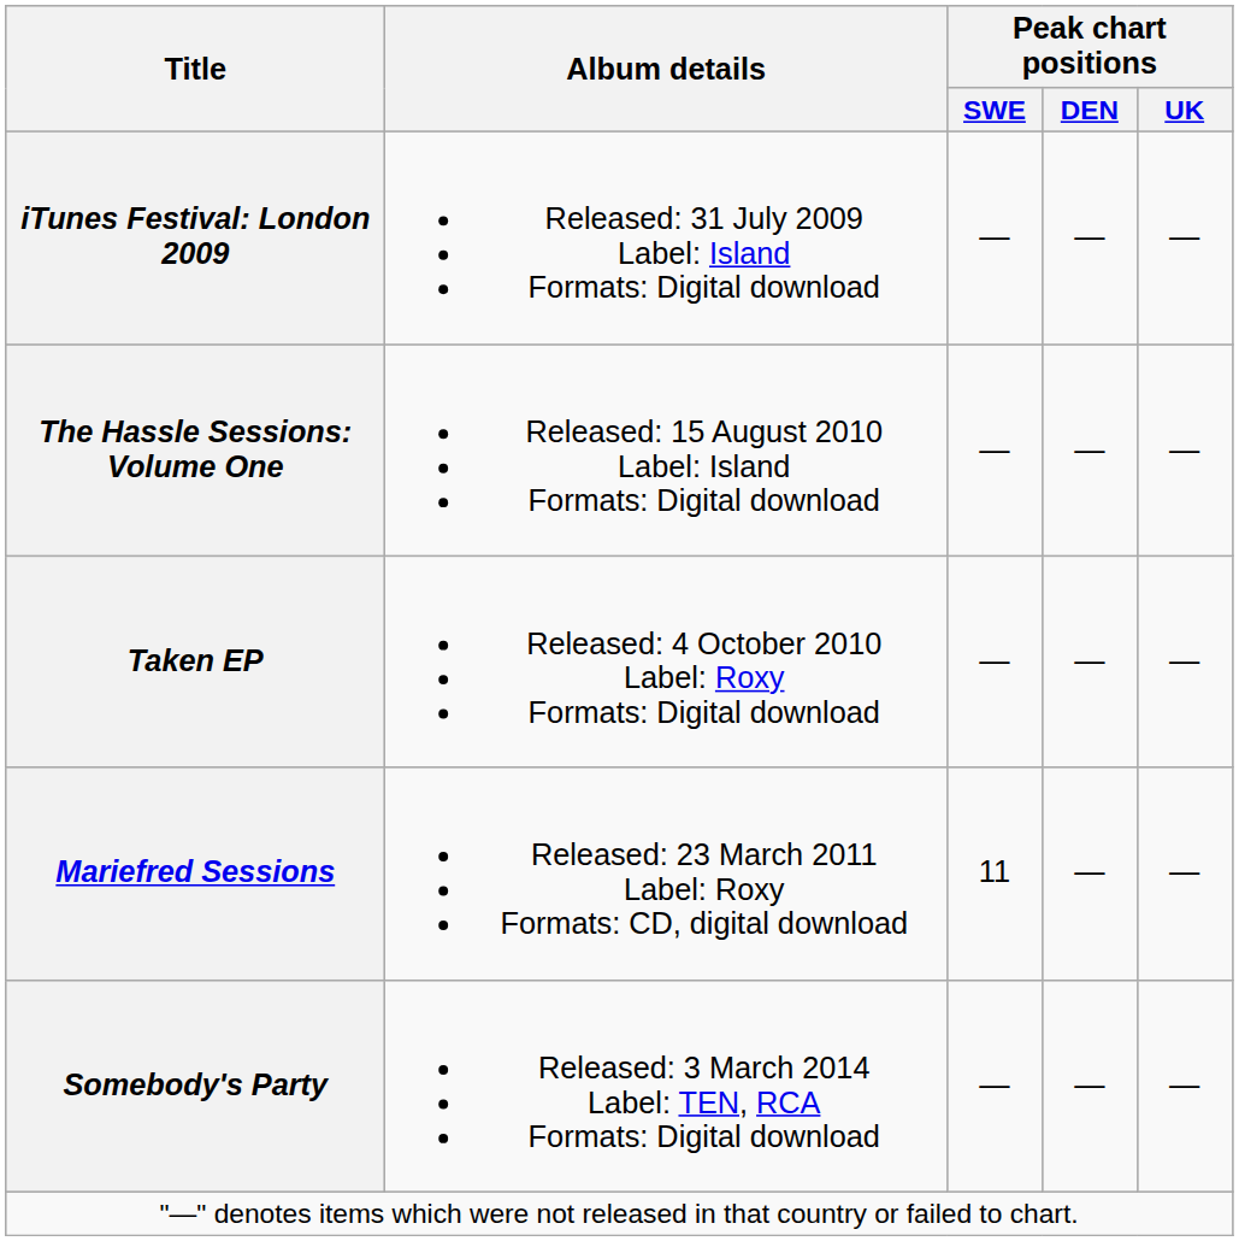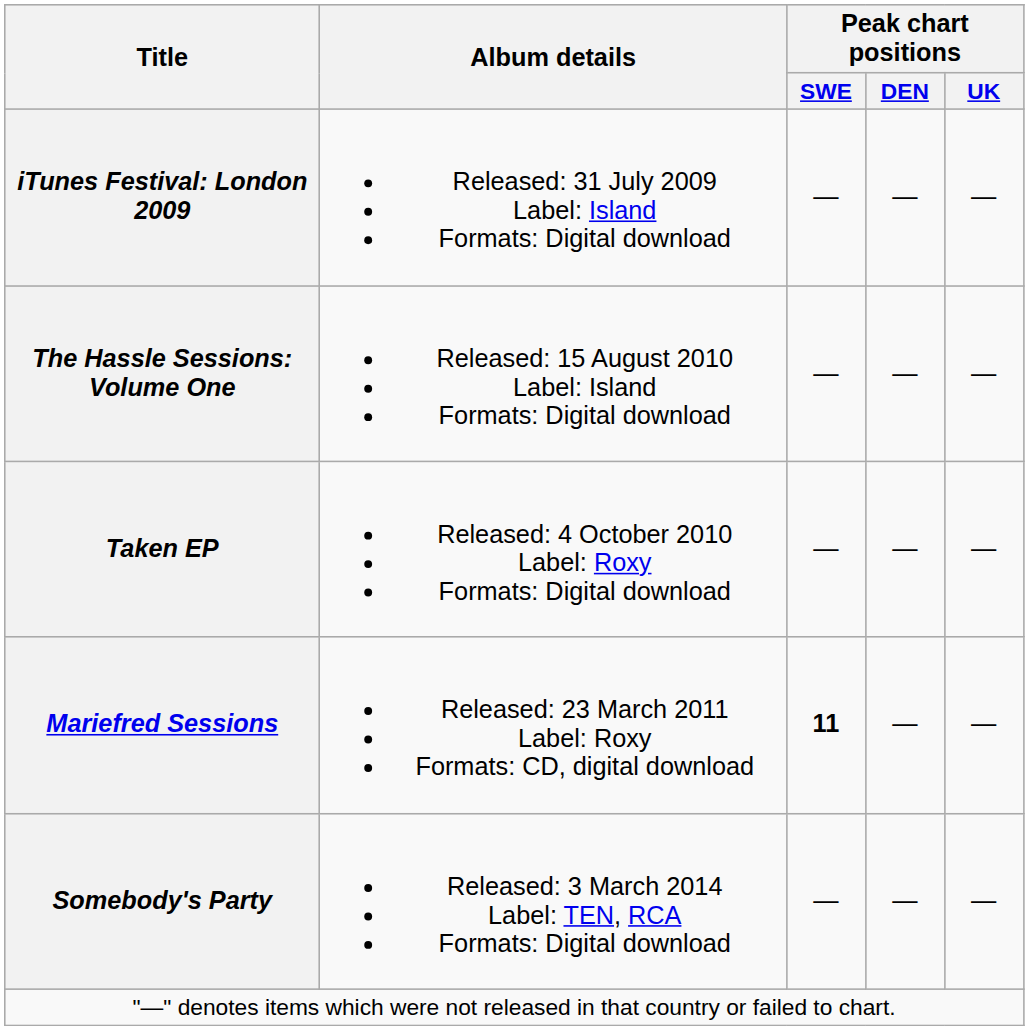 <table class="wikitable plainrowheaders" style="text-align:center;" border="1">
 <tr>
 <th scope="col" rowspan="2" style="width:12em;">Title</th>
 <th scope="col" rowspan="2" style="width:18em;">Album details</th>
 <th scope="col" colspan="3">Peak chart positions</th>
 </tr>
 <tr>
 <th scope="col" style="width:3em;font-size:90%;"><a href='#'>SWE</a><br></th>
 <th scope="col" style="width:3em;font-size:90%;"><a href='#'>DEN</a><br></th>
 <th scope="col" style="width:3em;font-size:90%;"><a href='#'>UK</a><br></th>
 </tr>
 <tr>
 <th scope="row"><em>iTunes Festival: London 2009</em></th>
 <td><br><ul><li>Released: 31 July 2009</li><li>Label: <a href='#'>Island</a></li><li>Formats: Digital download</li></ul></td>
 <td>—</td>
 <td>—</td>
 <td>—</td>
 </tr>
 <tr>
 <th scope="row"><em>The Hassle Sessions: Volume One</em></th>
 <td><br><ul><li>Released: 15 August 2010</li><li>Label: Island</li><li>Formats: Digital download</li></ul></td>
 <td>—</td>
 <td>—</td>
 <td>—</td>
 </tr>
 <tr>
 <th scope="row"><em>Taken EP</em></th>
 <td><br><ul><li>Released: 4 October 2010</li><li>Label: <a href='#'>Roxy</a></li><li>Formats: Digital download</li></ul></td>
 <td>—</td>
 <td>—</td>
 <td>—</td>
 </tr>
 <tr>
 <th scope="row"><em><a href='#'>Mariefred Sessions</a></em></th>
 <td><br><ul><li>Released: 23 March 2011</li><li>Label: Roxy</li><li>Formats: CD, digital download</li></ul></td>
-<td>11</td>
+<td><strong>11</strong></td>
 <td>—</td>
 <td>—</td>
 </tr>
 <tr>
 <th scope="row"><em>Somebody's Party</em></th>
 <td><br><ul><li>Released: 3 March 2014</li><li>Label: <a href='#'>TEN</a>, <a href='#'>RCA</a></li><li>Formats: Digital download</li></ul></td>
 <td>—</td>
 <td>—</td>
 <td>—</td>
 </tr>
 <tr>
 <td colspan="6" style="font-size:90%;">"—" denotes items which were not released in that country or failed to chart.</td>
 </tr>
 </table>
